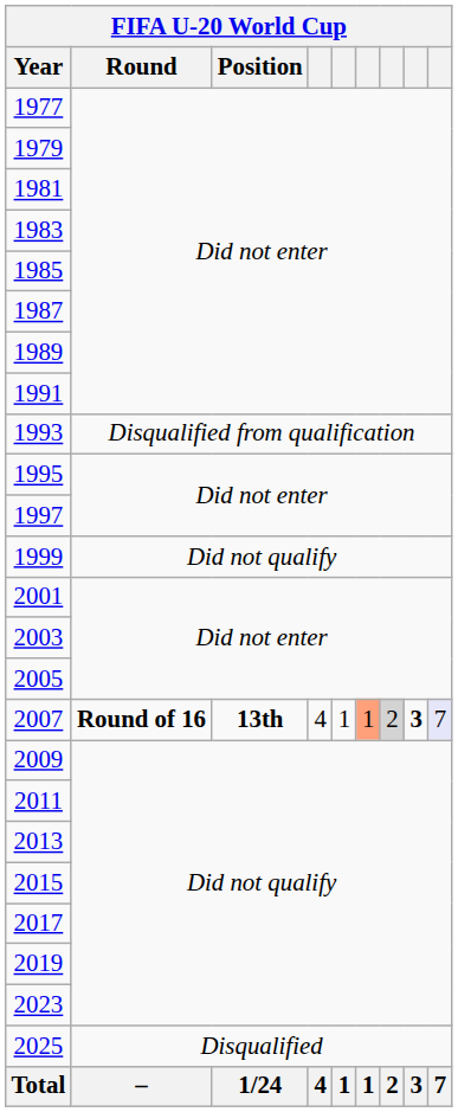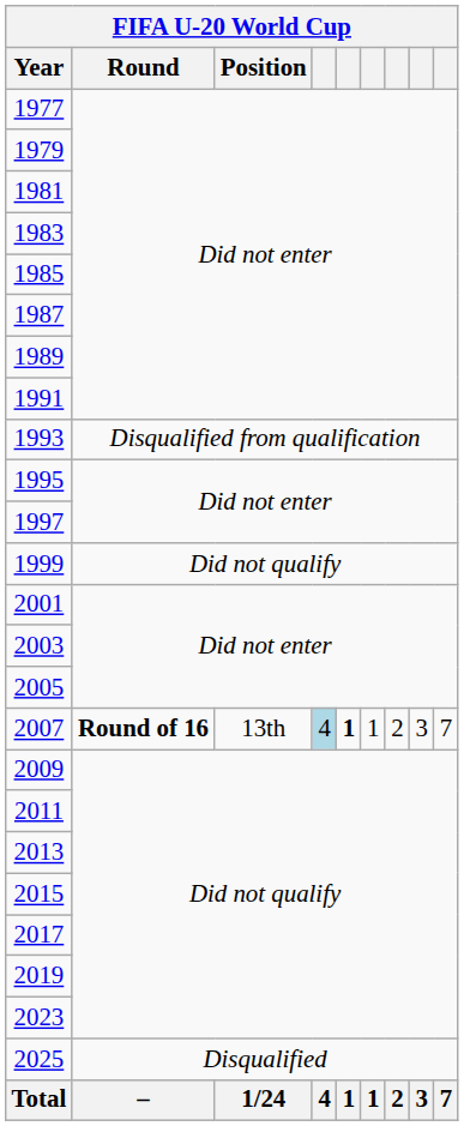 <table class="wikitable" style="text-align: center;font-size:90%;">
 <tr>
 <th colspan=9><a href='#'>FIFA U-20 World Cup</a></th>
 </tr>
 <tr>
 <th>Year</th>
 <th>Round</th>
 <th>Position</th>
 <th></th>
 <th></th>
 <th></th>
 <th></th>
 <th></th>
 <th></th>
 </tr>
 <tr>
 <td> <a href='#'>1977</a></td>
 <td rowspan=8 colspan=8><em>Did not enter</em></td>
 </tr>
 <tr>
 <td> <a href='#'>1979</a></td>
 </tr>
 <tr>
 <td> <a href='#'>1981</a></td>
 </tr>
 <tr>
 <td> <a href='#'>1983</a></td>
 </tr>
 <tr>
 <td> <a href='#'>1985</a></td>
 </tr>
 <tr>
 <td> <a href='#'>1987</a></td>
 </tr>
 <tr>
 <td> <a href='#'>1989</a></td>
 </tr>
 <tr>
 <td> <a href='#'>1991</a></td>
 </tr>
 <tr>
 <td> <a href='#'>1993</a></td>
 <td colspan=8><em>Disqualified from qualification</em></td>
 </tr>
 <tr>
 <td> <a href='#'>1995</a></td>
 <td rowspan=2 colspan=8><em>Did not enter</em></td>
 </tr>
 <tr>
 <td> <a href='#'>1997</a></td>
 </tr>
 <tr>
 <td> <a href='#'>1999</a></td>
 <td rowspan=1 colspan=8><em>Did not qualify</em></td>
 </tr>
 <tr>
 <td> <a href='#'>2001</a></td>
 <td rowspan=3 colspan=8><em>Did not enter</em></td>
 </tr>
 <tr>
 <td> <a href='#'>2003</a></td>
 </tr>
 <tr>
 <td> <a href='#'>2005</a></td>
 </tr>
 <tr>
 <td> <a href='#'>2007</a></td>
 <td><strong>Round of 16</strong></td>
-<td><strong>13th</strong></td>
-<td>4</td>
+<td>13th</td>
+<td style="background: lightblue;">4</td>
+<td><strong>1</strong></td>
 <td>1</td>
-<td style="background: lightsalmon;">1</td>
-<td style="background: lightgrey;">2</td>
-<td><strong>3</strong></td>
-<td style="background: lavender;">7</td>
+<td>2</td>
+<td>3</td>
+<td>7</td>
 </tr>
 <tr>
 <td> <a href='#'>2009</a></td>
 <td rowspan=7 colspan=8><em>Did not qualify</em></td>
 </tr>
 <tr>
 <td> <a href='#'>2011</a></td>
 </tr>
 <tr>
 <td> <a href='#'>2013</a></td>
 </tr>
 <tr>
 <td> <a href='#'>2015</a></td>
 </tr>
 <tr>
 <td> <a href='#'>2017</a></td>
 </tr>
 <tr>
 <td> <a href='#'>2019</a></td>
 </tr>
 <tr>
 <td> <a href='#'>2023</a></td>
 </tr>
 <tr>
 <td> <a href='#'>2025</a></td>
 <td colspan=8><em>Disqualified</em></td>
 </tr>
 <tr>
 <th>Total</th>
 <th>–</th>
 <th>1/24</th>
 <th>4</th>
 <th>1</th>
 <th>1</th>
 <th>2</th>
 <th>3</th>
 <th>7</th>
 </tr>
 </table>
